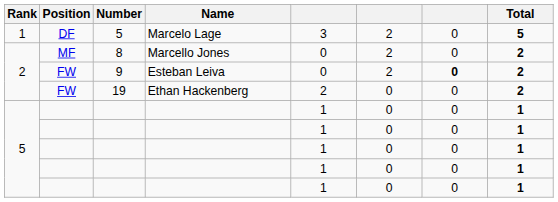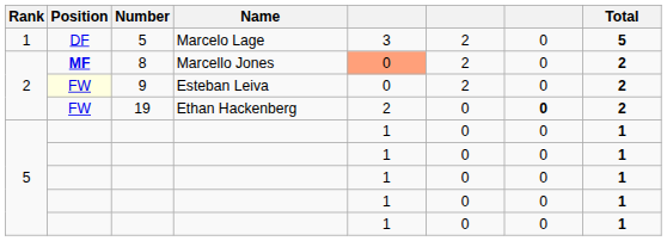 <table class="wikitable" style="font-size: 95%; text-align: center;">
 <tr>
 <th width=30>Rank</th>
 <th width=30>Position</th>
 <th width=30>Number</th>
 <th width=175>Name</th>
 <th width=75></th>
 <th width=75></th>
 <th width=75></th>
 <th width=75>Total</th>
 </tr>
 <tr>
 <td>1</td>
 <td><a href='#'>DF</a></td>
 <td>5</td>
 <td align="left"> Marcelo Lage</td>
 <td>3</td>
 <td>2</td>
 <td>0</td>
 <td><strong>5</strong></td>
 </tr>
 <tr>
 <td rowspan="3">2</td>
-<td><a href='#'>MF</a></td>
+<td><strong><a href='#'>MF</a></strong></td>
 <td>8</td>
 <td align="left"> Marcello Jones</td>
-<td>0</td>
+<td style="background: lightsalmon;">0</td>
 <td>2</td>
 <td>0</td>
 <td><strong>2</strong></td>
 </tr>
 <tr>
-<td><a href='#'>FW</a></td>
+<td style="background: lightyellow;"><a href='#'>FW</a></td>
 <td>9</td>
 <td align="left"> Esteban Leiva</td>
 <td>0</td>
 <td>2</td>
-<td><strong>0</strong></td>
+<td>0</td>
 <td><strong>2</strong></td>
 </tr>
 <tr>
 <td><a href='#'>FW</a></td>
 <td>19</td>
 <td align="left"> Ethan Hackenberg</td>
 <td>2</td>
 <td>0</td>
-<td>0</td>
+<td><strong>0</strong></td>
 <td><strong>2</strong></td>
 </tr>
 <tr>
 <td rowspan="5">5</td>
 <td></td>
 <td></td>
 <td align="left"></td>
 <td>1</td>
 <td>0</td>
 <td>0</td>
 <td><strong>1</strong></td>
 </tr>
 <tr>
 <td></td>
 <td></td>
 <td align="left"></td>
 <td>1</td>
 <td>0</td>
 <td>0</td>
 <td><strong>1</strong></td>
 </tr>
 <tr>
 <td></td>
 <td></td>
 <td align="left"></td>
 <td>1</td>
 <td>0</td>
 <td>0</td>
 <td><strong>1</strong></td>
 </tr>
 <tr>
 <td></td>
 <td></td>
 <td align="left"></td>
 <td>1</td>
 <td>0</td>
 <td>0</td>
 <td><strong>1</strong></td>
 </tr>
 <tr>
 <td></td>
 <td></td>
 <td align="left"></td>
 <td>1</td>
 <td>0</td>
 <td>0</td>
 <td><strong>1</strong></td>
 </tr>
 </table>
